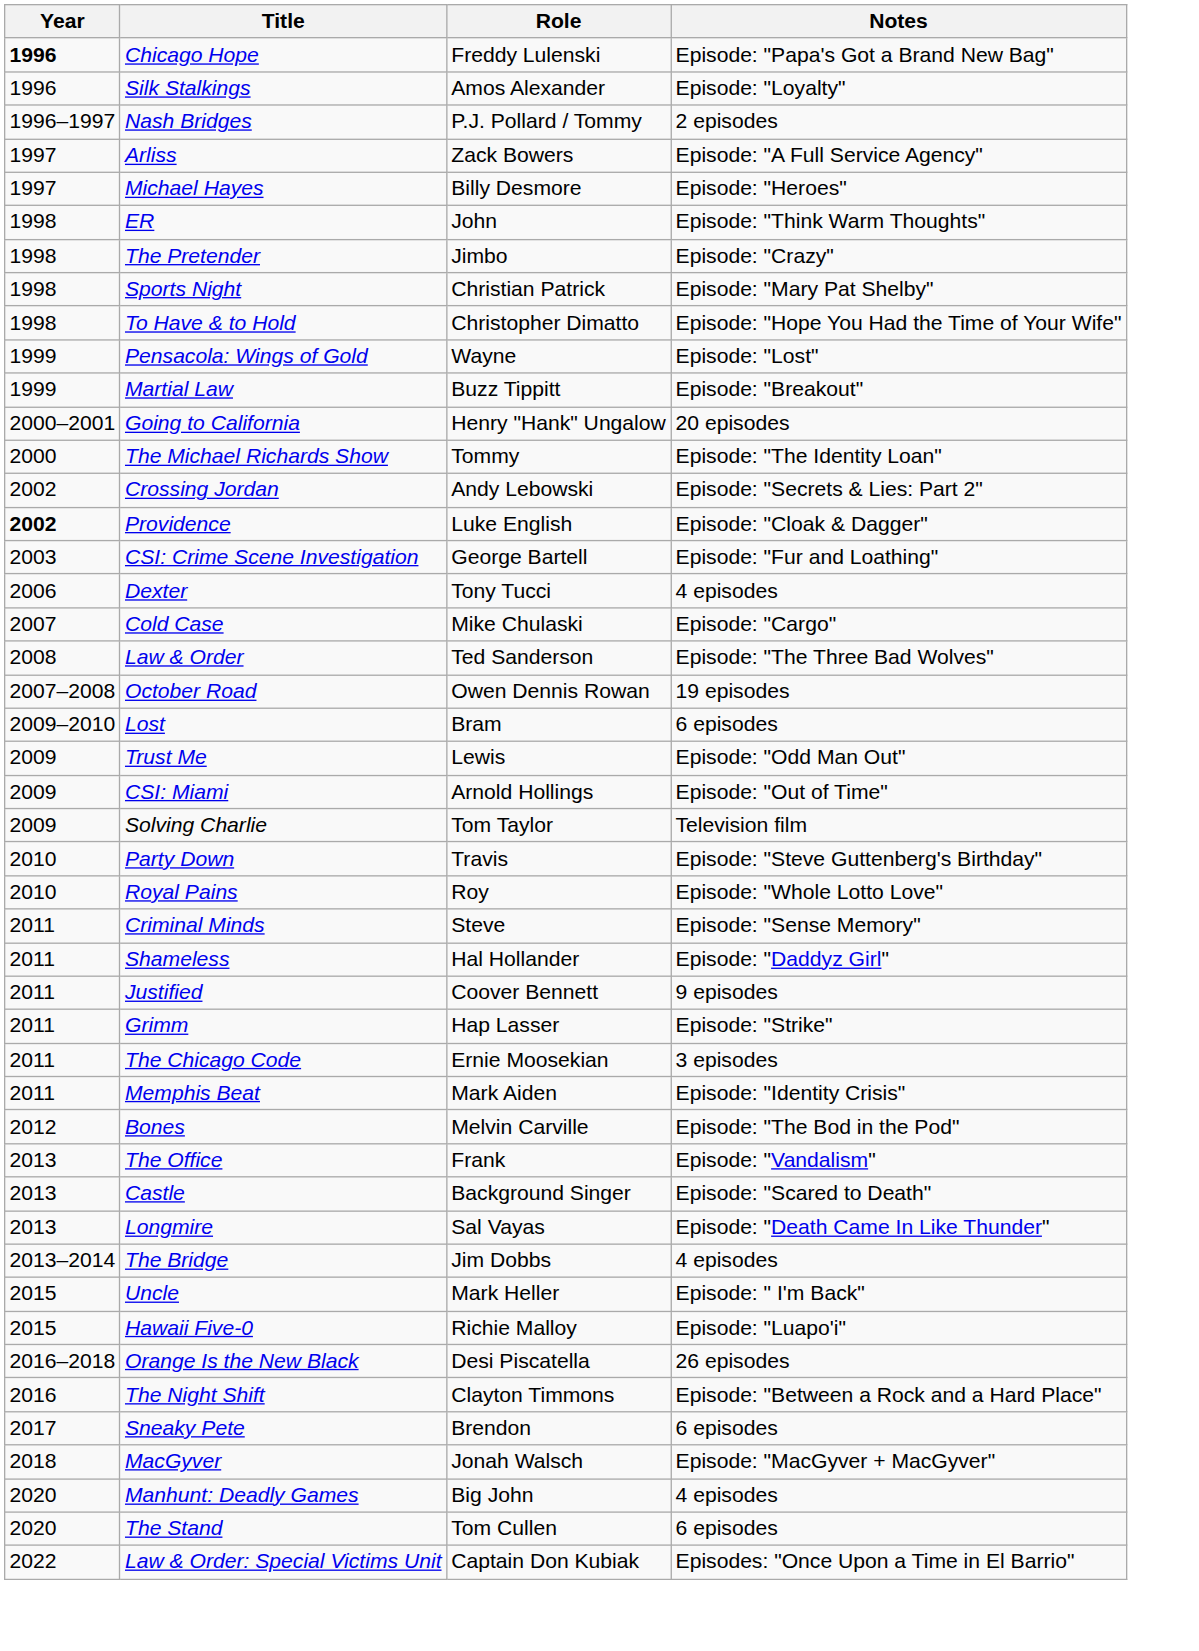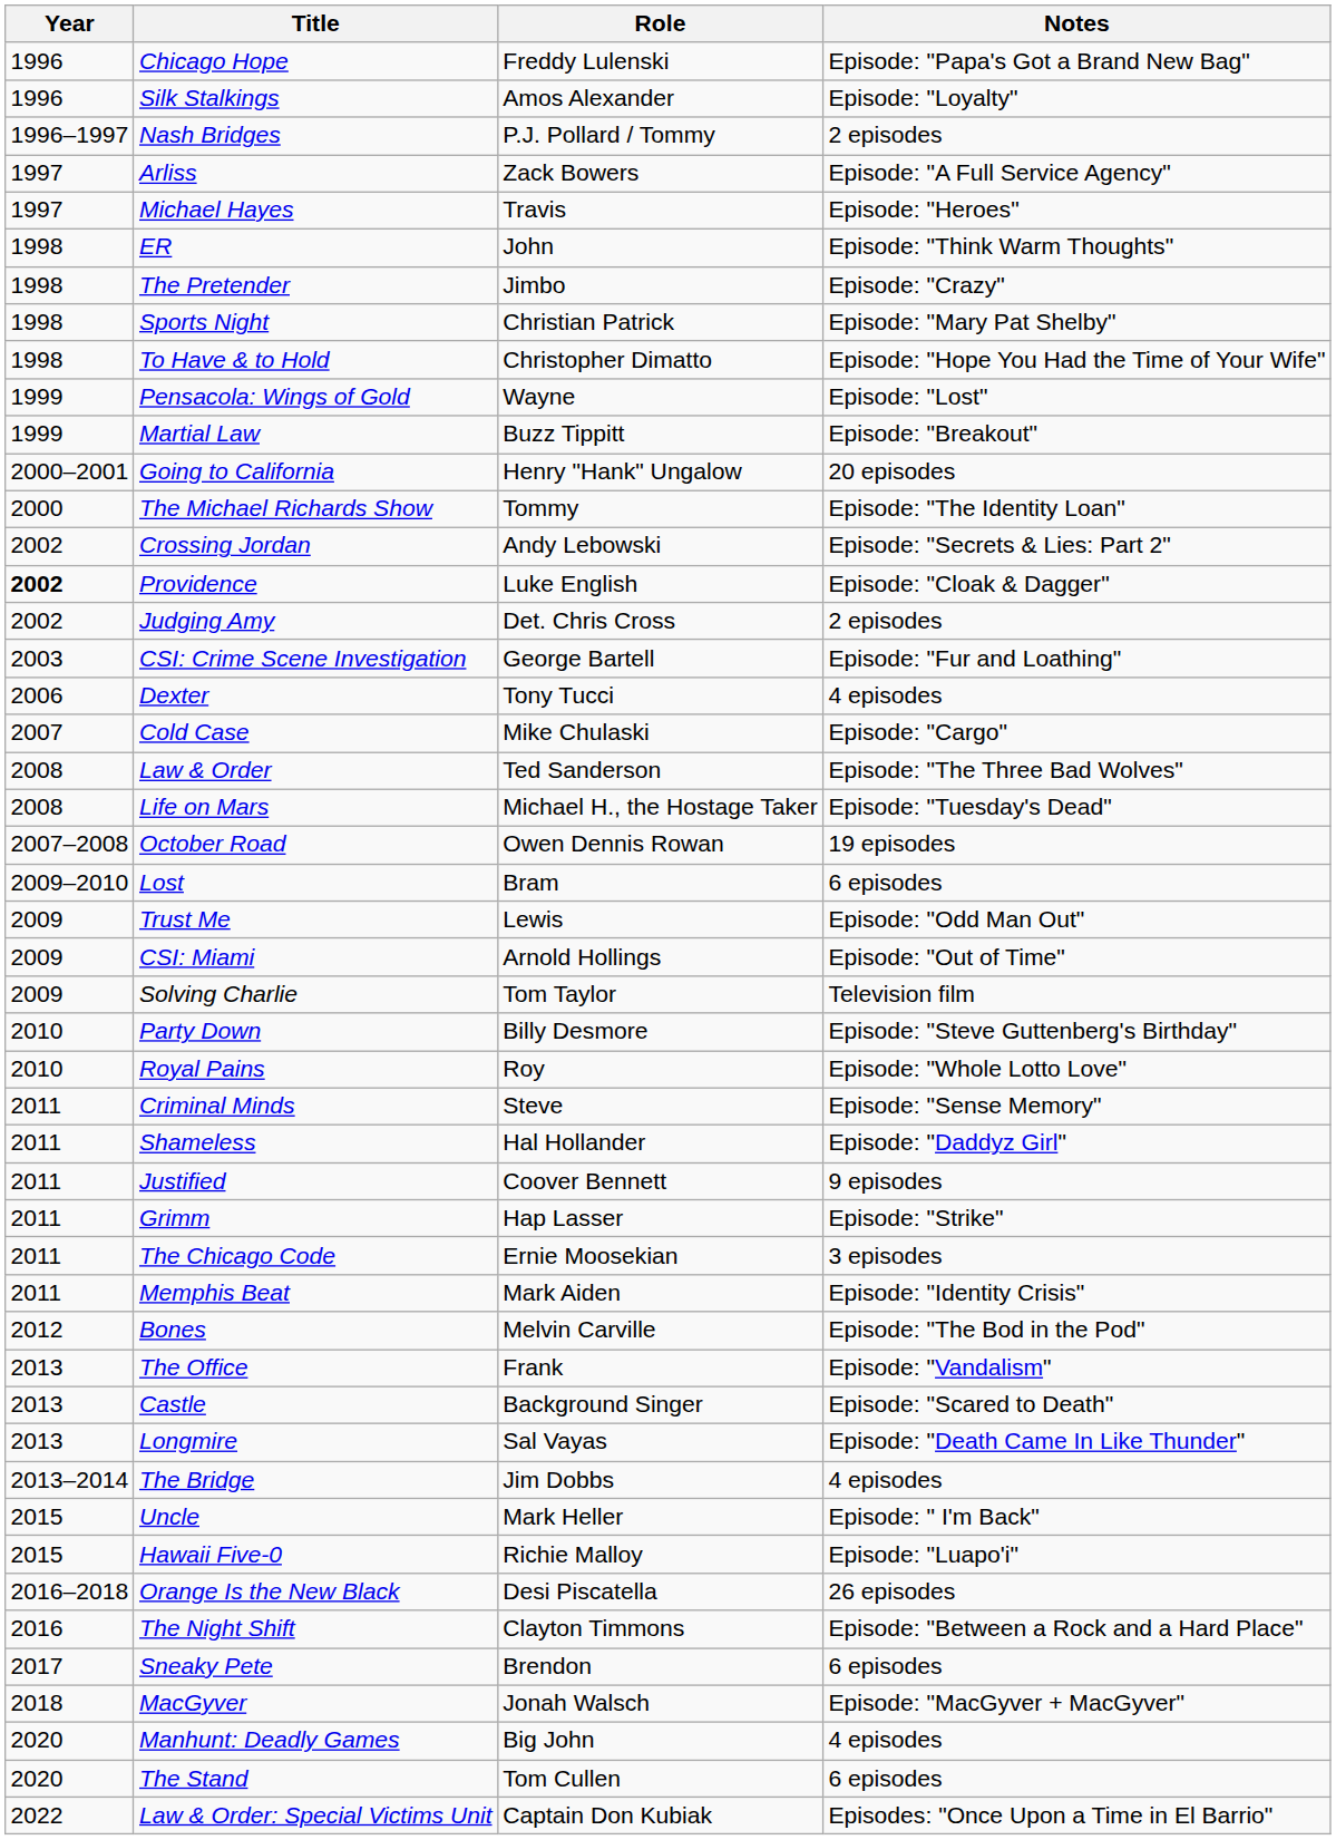 <table class="wikitable">
 <tr>
 <th>Year</th>
 <th>Title</th>
 <th>Role</th>
 <th>Notes</th>
 </tr>
 <tr>
-<td><strong>1996</strong></td>
+<td>1996</td>
 <td><em><a href='#'>Chicago Hope</a></em></td>
 <td>Freddy Lulenski</td>
 <td>Episode: "Papa's Got a Brand New Bag"</td>
 </tr>
 <tr>
 <td>1996</td>
 <td><em><a href='#'>Silk Stalkings</a></em></td>
 <td>Amos Alexander</td>
 <td>Episode: "Loyalty"</td>
 </tr>
 <tr>
 <td>1996–1997</td>
 <td><em><a href='#'>Nash Bridges</a></em></td>
 <td>P.J. Pollard / Tommy</td>
 <td>2 episodes</td>
 </tr>
 <tr>
 <td>1997</td>
 <td><em><a href='#'>Arliss</a></em></td>
 <td>Zack Bowers</td>
 <td>Episode: "A Full Service Agency"</td>
 </tr>
 <tr>
 <td>1997</td>
 <td><em><a href='#'>Michael Hayes</a></em></td>
-<td>Billy Desmore</td>
+<td>Travis</td>
 <td>Episode: "Heroes"</td>
 </tr>
 <tr>
 <td>1998</td>
 <td><em><a href='#'>ER</a></em></td>
 <td>John</td>
 <td>Episode: "Think Warm Thoughts"</td>
 </tr>
 <tr>
 <td>1998</td>
 <td><em><a href='#'>The Pretender</a></em></td>
 <td>Jimbo</td>
 <td>Episode: "Crazy"</td>
 </tr>
 <tr>
 <td>1998</td>
 <td><em><a href='#'>Sports Night</a></em></td>
 <td>Christian Patrick</td>
 <td>Episode: "Mary Pat Shelby"</td>
 </tr>
 <tr>
 <td>1998</td>
 <td><em><a href='#'>To Have & to Hold</a></em></td>
 <td>Christopher Dimatto</td>
 <td>Episode: "Hope You Had the Time of Your Wife"</td>
 </tr>
 <tr>
 <td>1999</td>
 <td><em><a href='#'>Pensacola: Wings of Gold</a></em></td>
 <td>Wayne</td>
 <td>Episode: "Lost"</td>
 </tr>
 <tr>
 <td>1999</td>
 <td><em><a href='#'>Martial Law</a></em></td>
 <td>Buzz Tippitt</td>
 <td>Episode: "Breakout"</td>
 </tr>
 <tr>
 <td>2000–2001</td>
 <td><em><a href='#'>Going to California</a></em></td>
 <td>Henry "Hank" Ungalow</td>
 <td>20 episodes</td>
 </tr>
 <tr>
 <td>2000</td>
 <td><em><a href='#'>The Michael Richards Show</a></em></td>
 <td>Tommy</td>
 <td>Episode: "The Identity Loan"</td>
 </tr>
 <tr>
 <td>2002</td>
 <td><em><a href='#'>Crossing Jordan</a></em></td>
 <td>Andy Lebowski</td>
 <td>Episode: "Secrets & Lies: Part 2"</td>
 </tr>
 <tr>
 <td><strong>2002</strong></td>
 <td><em><a href='#'>Providence</a></em></td>
 <td>Luke English</td>
 <td>Episode: "Cloak & Dagger"</td>
 </tr>
 <tr>
+<td>2002</td>
+<td><em><a href='#'>Judging Amy</a></em></td>
+<td>Det. Chris Cross</td>
+<td>2 episodes</td>
+</tr>
+<tr>
 <td>2003</td>
 <td><em><a href='#'>CSI: Crime Scene Investigation</a></em></td>
 <td>George Bartell</td>
 <td>Episode: "Fur and Loathing"</td>
 </tr>
 <tr>
 <td>2006</td>
 <td><em><a href='#'>Dexter</a></em></td>
 <td>Tony Tucci</td>
 <td>4 episodes</td>
 </tr>
 <tr>
 <td>2007</td>
 <td><em><a href='#'>Cold Case</a></em></td>
 <td>Mike Chulaski</td>
 <td>Episode: "Cargo"</td>
 </tr>
 <tr>
 <td>2008</td>
 <td><em><a href='#'>Law & Order</a></em></td>
 <td>Ted Sanderson</td>
 <td>Episode: "The Three Bad Wolves"</td>
+</tr>
+<tr>
+<td>2008</td>
+<td><em><a href='#'>Life on Mars</a></em></td>
+<td>Michael H., the Hostage Taker</td>
+<td>Episode: "Tuesday's Dead"</td>
 </tr>
 <tr>
 <td>2007–2008</td>
 <td><em><a href='#'>October Road</a></em></td>
 <td>Owen Dennis Rowan</td>
 <td>19 episodes</td>
 </tr>
 <tr>
 <td>2009–2010</td>
 <td><em><a href='#'>Lost</a></em></td>
 <td>Bram</td>
 <td>6 episodes</td>
 </tr>
 <tr>
 <td>2009</td>
 <td><em><a href='#'>Trust Me</a></em></td>
 <td>Lewis</td>
 <td>Episode: "Odd Man Out"</td>
 </tr>
 <tr>
 <td>2009</td>
 <td><em><a href='#'>CSI: Miami</a></em></td>
 <td>Arnold Hollings</td>
 <td>Episode: "Out of Time"</td>
 </tr>
 <tr>
 <td>2009</td>
 <td><em>Solving Charlie</em></td>
 <td>Tom Taylor</td>
 <td>Television film</td>
 </tr>
 <tr>
 <td>2010</td>
 <td><em><a href='#'>Party Down</a></em></td>
-<td>Travis</td>
+<td>Billy Desmore</td>
 <td>Episode: "Steve Guttenberg's Birthday"</td>
 </tr>
 <tr>
 <td>2010</td>
 <td><em><a href='#'>Royal Pains</a></em></td>
 <td>Roy</td>
 <td>Episode: "Whole Lotto Love"</td>
 </tr>
 <tr>
 <td>2011</td>
 <td><em><a href='#'>Criminal Minds</a></em></td>
 <td>Steve</td>
 <td>Episode: "Sense Memory"</td>
 </tr>
 <tr>
 <td>2011</td>
 <td><em><a href='#'>Shameless</a></em></td>
 <td>Hal Hollander</td>
 <td>Episode: "<a href='#'>Daddyz Girl</a>"</td>
 </tr>
 <tr>
 <td>2011</td>
 <td><em><a href='#'>Justified</a></em></td>
 <td>Coover Bennett</td>
 <td>9 episodes</td>
 </tr>
 <tr>
 <td>2011</td>
 <td><em><a href='#'>Grimm</a></em></td>
 <td>Hap Lasser</td>
 <td>Episode: "Strike"</td>
 </tr>
 <tr>
 <td>2011</td>
 <td><em><a href='#'>The Chicago Code</a></em></td>
 <td>Ernie Moosekian</td>
 <td>3 episodes</td>
 </tr>
 <tr>
 <td>2011</td>
 <td><em><a href='#'>Memphis Beat</a></em></td>
 <td>Mark Aiden</td>
 <td>Episode: "Identity Crisis"</td>
 </tr>
 <tr>
 <td>2012</td>
 <td><em><a href='#'>Bones</a></em></td>
 <td>Melvin Carville</td>
 <td>Episode: "The Bod in the Pod"</td>
 </tr>
 <tr>
 <td>2013</td>
 <td><em><a href='#'>The Office</a></em></td>
 <td>Frank</td>
 <td>Episode: "<a href='#'>Vandalism</a>"</td>
 </tr>
 <tr>
 <td>2013</td>
 <td><em><a href='#'>Castle</a></em></td>
 <td>Background Singer</td>
 <td>Episode: "Scared to Death"</td>
 </tr>
 <tr>
 <td>2013</td>
 <td><em><a href='#'>Longmire</a></em></td>
 <td>Sal Vayas</td>
 <td>Episode: "<a href='#'>Death Came In Like Thunder</a>"</td>
 </tr>
 <tr>
 <td>2013–2014</td>
 <td><em><a href='#'>The Bridge</a></em></td>
 <td>Jim Dobbs</td>
 <td>4 episodes</td>
 </tr>
 <tr>
 <td>2015</td>
 <td><em><a href='#'>Uncle</a></em></td>
 <td>Mark Heller</td>
 <td>Episode: " I'm Back"</td>
 </tr>
 <tr>
 <td>2015</td>
 <td><em><a href='#'>Hawaii Five-0</a></em></td>
 <td>Richie Malloy</td>
 <td>Episode: "Luapo'i"</td>
 </tr>
 <tr>
 <td>2016–2018</td>
 <td><em><a href='#'>Orange Is the New Black</a></em></td>
 <td>Desi Piscatella</td>
 <td>26 episodes</td>
 </tr>
 <tr>
 <td>2016</td>
 <td><em><a href='#'>The Night Shift</a></em></td>
 <td>Clayton Timmons</td>
 <td>Episode: "Between a Rock and a Hard Place"</td>
 </tr>
 <tr>
 <td>2017</td>
 <td><em><a href='#'>Sneaky Pete</a></em></td>
 <td>Brendon</td>
 <td>6 episodes</td>
 </tr>
 <tr>
 <td>2018</td>
 <td><em><a href='#'>MacGyver</a></em></td>
 <td>Jonah Walsch</td>
 <td>Episode: "MacGyver + MacGyver"</td>
 </tr>
 <tr>
 <td>2020</td>
 <td><em><a href='#'>Manhunt: Deadly Games</a></em></td>
 <td>Big John</td>
 <td>4 episodes</td>
 </tr>
 <tr>
 <td>2020</td>
 <td><em><a href='#'>The Stand</a></em></td>
 <td>Tom Cullen</td>
 <td>6 episodes</td>
 </tr>
 <tr>
 <td>2022</td>
 <td><em><a href='#'>Law & Order: Special Victims Unit</a></em></td>
 <td>Captain Don Kubiak</td>
 <td>Episodes: "Once Upon a Time in El Barrio"</td>
 </tr>
 </table>
